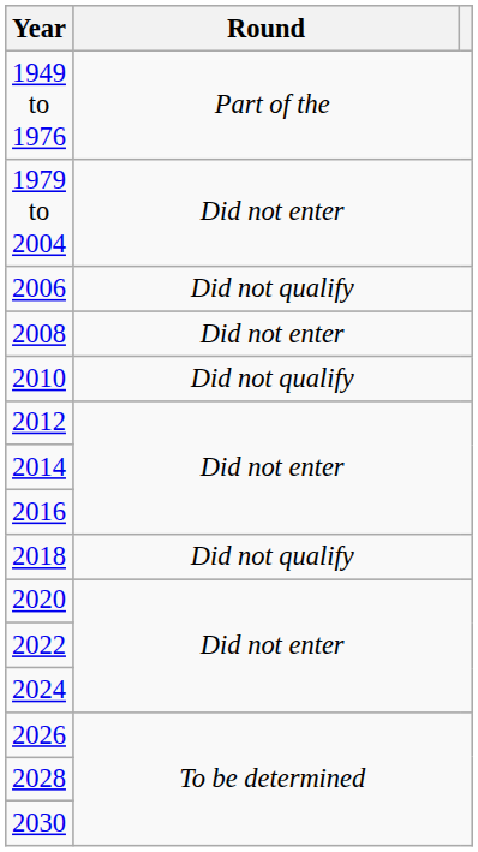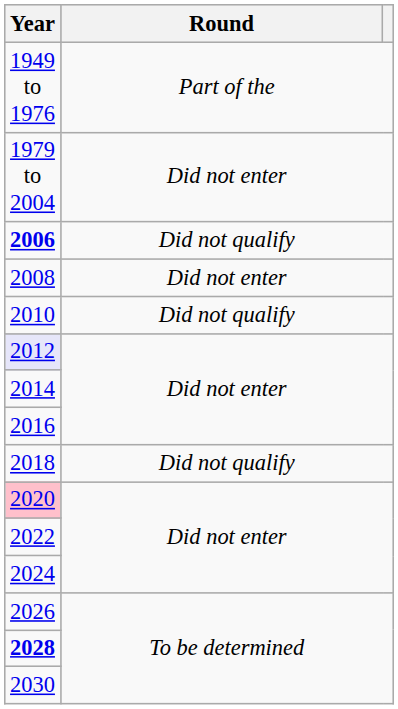 <table class="wikitable" style="text-align: center; font-size:90%">
 <tr>
 <th>Year</th>
 <th style="width:200px">Round</th>
 <th></th>
 </tr>
 <tr>
 <td><a href='#'>1949</a><br>to<br><a href='#'>1976</a></td>
 <td colspan="2"><em>Part of the </em></td>
 </tr>
 <tr>
 <td><a href='#'>1979</a><br>to<br><a href='#'>2004</a></td>
 <td colspan="2"><em>Did not enter</em></td>
 </tr>
 <tr>
-<td><a href='#'>2006</a></td>
+<td><strong><a href='#'>2006</a></strong></td>
 <td colspan="2"><em>Did not qualify</em></td>
 </tr>
 <tr>
 <td><a href='#'>2008</a></td>
 <td colspan="2"><em>Did not enter</em></td>
 </tr>
 <tr>
 <td><a href='#'>2010</a></td>
 <td colspan="2"><em>Did not qualify</em></td>
 </tr>
 <tr>
-<td><a href='#'>2012</a></td>
+<td style="background: lavender;"><a href='#'>2012</a></td>
 <td colspan="2" rowspan="3"><em>Did not enter</em></td>
 </tr>
 <tr>
 <td><a href='#'>2014</a></td>
 </tr>
 <tr>
 <td><a href='#'>2016</a></td>
 </tr>
 <tr>
 <td><a href='#'>2018</a></td>
 <td colspan="2"><em>Did not qualify</em></td>
 </tr>
 <tr>
-<td><a href='#'>2020</a></td>
+<td style="background: pink;"><a href='#'>2020</a></td>
 <td colspan="2" rowspan="3"><em>Did not enter</em></td>
 </tr>
 <tr>
 <td><a href='#'>2022</a></td>
 </tr>
 <tr>
 <td><a href='#'>2024</a></td>
 </tr>
 <tr>
 <td><a href='#'>2026</a></td>
 <td colspan="2" rowspan="3"><em>To be determined</em></td>
 </tr>
 <tr>
-<td><a href='#'>2028</a></td>
+<td><strong><a href='#'>2028</a></strong></td>
 </tr>
 <tr>
 <td><a href='#'>2030</a></td>
 </tr>
 </table>
